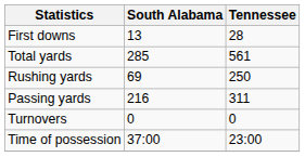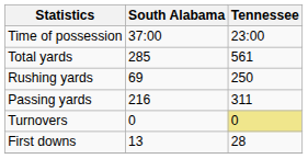 <table class="wikitable">
 <tr>
 <th>Statistics</th>
 <th>South Alabama</th>
 <th>Tennessee</th>
 </tr>
 <tr>
-<td>First downs</td>
-<td>13</td>
-<td>28</td>
+<td>Time of possession</td>
+<td>37:00</td>
+<td>23:00</td>
 </tr>
 <tr>
 <td>Total yards</td>
 <td>285</td>
 <td>561</td>
 </tr>
 <tr>
 <td>Rushing yards</td>
 <td>69</td>
 <td>250</td>
 </tr>
 <tr>
 <td>Passing yards</td>
 <td>216</td>
 <td>311</td>
 </tr>
 <tr>
 <td>Turnovers</td>
 <td>0</td>
-<td>0</td>
+<td style="background: khaki;">0</td>
 </tr>
 <tr>
-<td>Time of possession</td>
-<td>37:00</td>
-<td>23:00</td>
+<td>First downs</td>
+<td>13</td>
+<td>28</td>
 </tr>
 <tr>
 </tr>
 </table>
